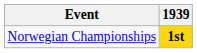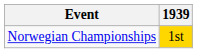 <table class="wikitable">
 <tr>
 <th>Event</th>
 <th>1939</th>
 </tr>
 <tr>
 <td><a href='#'>Norwegian Championships</a></td>
-<td align="center" bgcolor="gold"><strong>1st</strong></td>
+<td align="center" bgcolor="gold">1st</td>
 </tr>
 </table>
